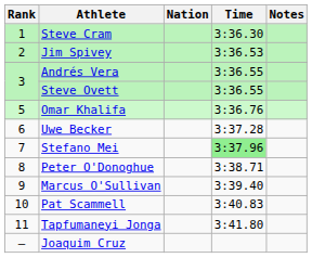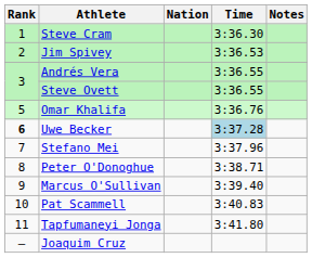 <table class="wikitable sortable" style="text-align:center">
 <tr>
 <th>Rank</th>
 <th>Athlete</th>
 <th>Nation</th>
 <th>Time</th>
 <th>Notes</th>
 </tr>
 <tr style="background:#bbf3bb;">
 <td>1</td>
 <td align=left><a href='#'>Steve Cram</a></td>
 <td align=left></td>
 <td>3:36.30</td>
 <td></td>
 </tr>
 <tr style="background:#bbf3bb;">
 <td>2</td>
 <td align=left><a href='#'>Jim Spivey</a></td>
 <td align=left></td>
 <td>3:36.53</td>
 <td></td>
 </tr>
 <tr style="background:#bbf3bb;">
 <td rowspan=2>3</td>
 <td align=left><a href='#'>Andrés Vera</a></td>
 <td align=left></td>
 <td>3:36.55</td>
 <td></td>
 </tr>
 <tr style="background:#bbf3bb;">
 <td align=left><a href='#'>Steve Ovett</a></td>
 <td align=left></td>
 <td>3:36.55</td>
 <td></td>
 </tr>
 <tr style="background:#ccf9cc;">
 <td>5</td>
 <td align=left><a href='#'>Omar Khalifa</a></td>
 <td align=left></td>
 <td>3:36.76</td>
 <td></td>
 </tr>
 <tr>
-<td>6</td>
+<td><strong>6</strong></td>
 <td align=left><a href='#'>Uwe Becker</a></td>
 <td align=left></td>
-<td>3:37.28</td>
+<td style="background: lightblue;">3:37.28</td>
 <td></td>
 </tr>
 <tr>
 <td>7</td>
 <td align=left><a href='#'>Stefano Mei</a></td>
 <td align=left></td>
-<td style="background: lightgreen;">3:37.96</td>
+<td>3:37.96</td>
 <td></td>
 </tr>
 <tr>
 <td>8</td>
 <td align=left><a href='#'>Peter O'Donoghue</a></td>
 <td align=left></td>
 <td>3:38.71</td>
 <td></td>
 </tr>
 <tr>
 <td>9</td>
 <td align=left><a href='#'>Marcus O'Sullivan</a></td>
 <td align=left></td>
 <td>3:39.40</td>
 <td></td>
 </tr>
 <tr>
 <td>10</td>
 <td align=left><a href='#'>Pat Scammell</a></td>
 <td align=left></td>
 <td>3:40.83</td>
 <td></td>
 </tr>
 <tr>
 <td>11</td>
 <td align=left><a href='#'>Tapfumaneyi Jonga</a></td>
 <td align=left></td>
 <td>3:41.80</td>
 <td></td>
 </tr>
 <tr>
 <td data-sort-value=12>—</td>
 <td align=left><a href='#'>Joaquim Cruz</a></td>
 <td align=left></td>
 <td></td>
 <td></td>
 </tr>
 </table>
